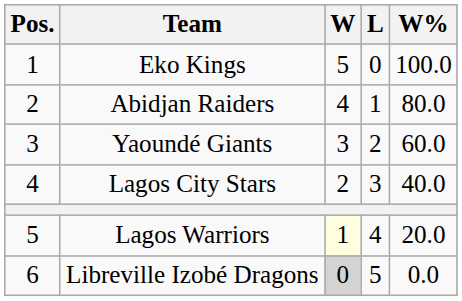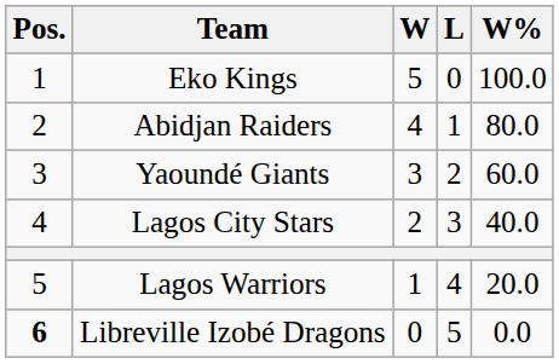 <table class="wikitable" style="text-align:center;">
 <tr>
 <th>Pos.</th>
 <th>Team</th>
 <th>W</th>
 <th>L</th>
 <th>W%</th>
 </tr>
 <tr>
 <td>1</td>
 <td>Eko Kings</td>
 <td>5</td>
 <td>0</td>
 <td>100.0</td>
 </tr>
 <tr>
 <td>2</td>
 <td>Abidjan Raiders</td>
 <td>4</td>
 <td>1</td>
 <td>80.0</td>
 </tr>
 <tr>
 <td>3</td>
 <td>Yaoundé Giants</td>
 <td>3</td>
 <td>2</td>
 <td>60.0</td>
 </tr>
 <tr>
 <td>4</td>
 <td>Lagos City Stars</td>
 <td>2</td>
 <td>3</td>
 <td>40.0</td>
 </tr>
 <tr>
 <th colspan="5"></th>
 </tr>
 <tr>
 <td>5</td>
 <td>Lagos Warriors</td>
-<td style="background: lightyellow;">1</td>
+<td>1</td>
 <td>4</td>
 <td>20.0</td>
 </tr>
 <tr>
-<td>6</td>
+<td><strong>6</strong></td>
 <td>Libreville Izobé Dragons</td>
-<td style="background: lightgrey;">0</td>
+<td>0</td>
 <td>5</td>
 <td>0.0</td>
 </tr>
 </table>
